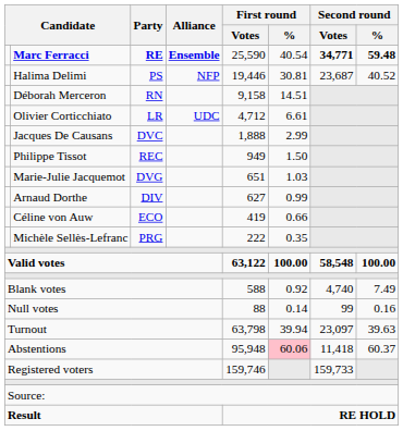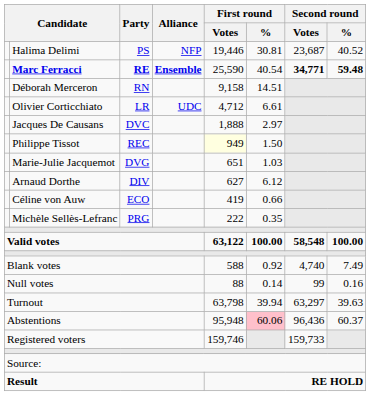 <table class="wikitable" style="text-align:right;font-size:95%;">
 <tr>
 <th colspan="2" rowspan="2">Candidate</th>
 <th colspan="1" rowspan="2">Party</th>
 <th colspan="1" rowspan="2">Alliance</th>
 <th colspan="2">First round</th>
 <th colspan="2">Second round</th>
 </tr>
 <tr>
 <th style="width:50px;">Votes</th>
 <th style="width:45px;">%</th>
 <th style="width:50px;">Votes</th>
 <th style="width:45px;">%</th>
 </tr>
 <tr>
 <td style="color:inherit;background:"></td>
+<td style="text-align:left;">Halima Delimi</td>
+<td><a href='#'>PS</a></td>
+<td><a href='#'>NFP</a></td>
+<td>19,446</td>
+<td>30.81</td>
+<td>23,687</td>
+<td>40.52</td>
+</tr>
+<tr>
+<td style="color:inherit;background:"></td>
 <td style="text-align:left;"><strong><a href='#'>Marc Ferracci</a></strong></td>
 <td><a href='#'><strong>RE</strong></a></td>
 <td><a href='#'><strong>Ensemble</strong></a></td>
 <td>25,590</td>
 <td>40.54</td>
 <td><strong>34,771</strong></td>
 <td><strong>59.48</strong></td>
-</tr>
-<tr>
-<td style="color:inherit;background:"></td>
-<td style="text-align:left;">Halima Delimi</td>
-<td><a href='#'>PS</a></td>
-<td><a href='#'>NFP</a></td>
-<td>19,446</td>
-<td>30.81</td>
-<td>23,687</td>
-<td>40.52</td>
 </tr>
 <tr>
 <td style="color:inherit;background:"></td>
 <td style="text-align:left;">Déborah Merceron</td>
 <td><a href='#'>RN</a></td>
 <td></td>
 <td>9,158</td>
 <td>14.51</td>
 <td colspan="2" rowspan="1" style="background:#E9E9E9;"></td>
 </tr>
 <tr>
 <td style="color:inherit;background:"></td>
 <td style="text-align:left;">Olivier Corticchiato</td>
 <td><a href='#'>LR</a></td>
 <td><a href='#'>UDC</a></td>
 <td>4,712</td>
 <td>6.61</td>
 <td colspan="2" rowspan="1" style="background:#E9E9E9;"></td>
 </tr>
 <tr>
 <td style="color:inherit;background:"></td>
 <td style="text-align:left;">Jacques De Causans</td>
 <td><a href='#'>DVC</a></td>
 <td></td>
 <td>1,888</td>
-<td>2.99</td>
+<td>2.97</td>
 <td colspan="2" rowspan="1" style="background:#E9E9E9;"></td>
 </tr>
 <tr>
 <td style="color:inherit;background:"></td>
 <td style="text-align:left;">Philippe Tissot</td>
 <td><a href='#'>REC</a></td>
 <td></td>
-<td>949</td>
+<td style="background: lightyellow;">949</td>
 <td>1.50</td>
 <td colspan="2" rowspan="1" style="background:#E9E9E9;"></td>
 </tr>
 <tr>
 <td style="color:inherit;background:"></td>
 <td style="text-align:left;">Marie-Julie Jacquemot</td>
 <td><a href='#'>DVG</a></td>
 <td></td>
 <td>651</td>
 <td>1.03</td>
 <td colspan="2" rowspan="1" style="background:#E9E9E9;"></td>
 </tr>
 <tr>
 <td style="color:inherit;background:"></td>
 <td style="text-align:left;">Arnaud Dorthe</td>
 <td><a href='#'>DIV</a></td>
 <td></td>
 <td>627</td>
-<td>0.99</td>
+<td>6.12</td>
 <td colspan="2" rowspan="1" style="background:#E9E9E9;"></td>
 </tr>
 <tr>
 <td style="color:inherit;background:"></td>
 <td style="text-align:left;">Céline von Auw</td>
 <td><a href='#'>ECO</a></td>
 <td></td>
 <td>419</td>
 <td>0.66</td>
 <td colspan="2" style="background:#E9E9E9;"></td>
 </tr>
 <tr>
 <td style="color:inherit;background:"></td>
 <td style="text-align:left;">Michèle Sellès-Lefranc</td>
 <td><a href='#'>PRG</a></td>
 <td></td>
 <td>222</td>
 <td>0.35</td>
 <td colspan="2" style="background:#E9E9E9;"></td>
 </tr>
 <tr>
 <td colspan="8" style="background:#E9E9E9;"></td>
 </tr>
 <tr style="font-weight:bold;">
 <td colspan="4" style="text-align:left;">Valid votes</td>
 <td>63,122</td>
 <td>100.00</td>
 <td>58,548</td>
 <td>100.00</td>
 </tr>
 <tr>
 <td colspan="8" style="background:#E9E9E9;"></td>
 </tr>
 <tr>
 <td colspan="4" style="text-align:left;">Blank votes</td>
 <td>588</td>
 <td>0.92</td>
 <td>4,740</td>
 <td>7.49</td>
 </tr>
 <tr>
 <td colspan="4" style="text-align:left;">Null votes</td>
 <td>88</td>
 <td>0.14</td>
 <td>99</td>
 <td>0.16</td>
 </tr>
 <tr>
 <td colspan="4" style="text-align:left;">Turnout</td>
 <td>63,798</td>
 <td>39.94</td>
-<td>23,097</td>
+<td>63,297</td>
 <td>39.63</td>
 </tr>
 <tr>
 <td colspan="4" style="text-align:left;">Abstentions</td>
 <td>95,948</td>
 <td style="background: pink;">60.06</td>
-<td>11,418</td>
+<td>96,436</td>
 <td>60.37</td>
 </tr>
 <tr>
 <td colspan="4" style="text-align:left;">Registered voters</td>
 <td>159,746</td>
 <td style="background:#E9E9E9;"></td>
 <td>159,733</td>
 <td style="background:#E9E9E9;"></td>
 </tr>
 <tr>
 <td colspan="8" style="background:#E9E9E9;"></td>
 </tr>
 <tr>
 <td colspan="8" style="text-align:left;">Source: </td>
 </tr>
 <tr style="font-weight:bold">
 <td colspan="4" style="text-align:left;">Result</td>
 <td colspan="4" style="background-color:">RE HOLD</td>
 </tr>
 </table>
